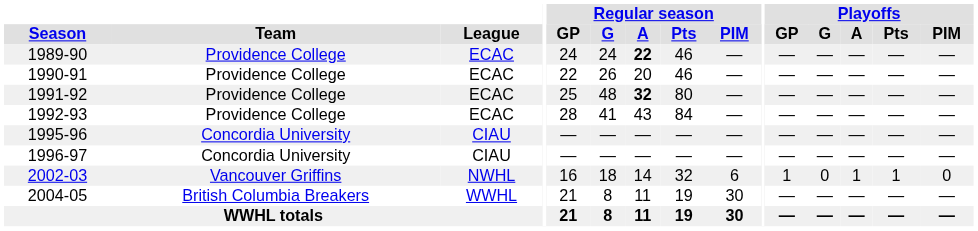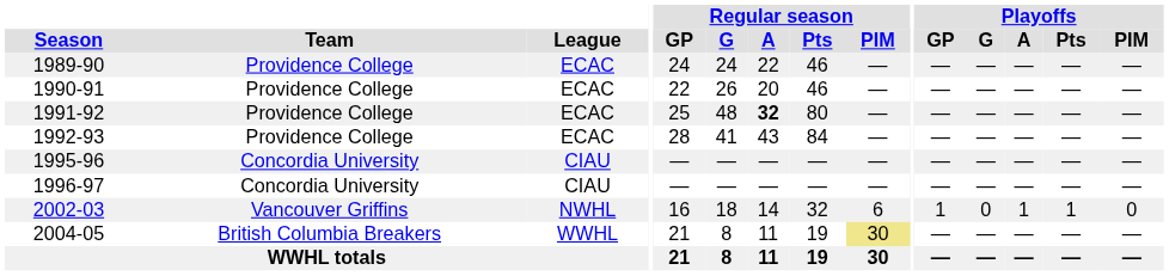 <table border="0" cellpadding="1" cellspacing="0" style="text-align:center; width:60em">
 <tr bgcolor="#e0e0e0">
 <th colspan="3" bgcolor="#ffffff"></th>
 <th rowspan="101" bgcolor="#ffffff"></th>
 <th colspan="5"><a href='#'>Regular season</a></th>
 <th rowspan="101" bgcolor="#ffffff"></th>
 <th colspan="5"><a href='#'>Playoffs</a></th>
 </tr>
 <tr bgcolor="#e0e0e0">
 <th><a href='#'>Season</a></th>
 <th>Team</th>
 <th>League</th>
 <th>GP</th>
 <th><a href='#'>G</a></th>
 <th><a href='#'>A</a></th>
 <th><a href='#'>Pts</a></th>
 <th><a href='#'>PIM</a></th>
 <th>GP</th>
 <th>G</th>
 <th>A</th>
 <th>Pts</th>
 <th>PIM</th>
 </tr>
 <tr style="background:#f0f0f0;">
 <td>1989-90</td>
 <td><a href='#'>Providence College</a></td>
 <td><a href='#'>ECAC</a></td>
 <td>24</td>
 <td>24</td>
-<td><strong>22</strong></td>
+<td>22</td>
 <td>46</td>
 <td>—</td>
 <td>—</td>
 <td>—</td>
 <td>—</td>
 <td>—</td>
 <td>—</td>
 </tr>
 <tr>
 <td>1990-91</td>
 <td>Providence College</td>
 <td>ECAC</td>
 <td>22</td>
 <td>26</td>
 <td>20</td>
 <td>46</td>
 <td>—</td>
 <td>—</td>
 <td>—</td>
 <td>—</td>
 <td>—</td>
 <td>—</td>
 </tr>
 <tr style="background:#f0f0f0;">
 <td>1991-92</td>
 <td>Providence College</td>
 <td>ECAC</td>
 <td>25</td>
 <td>48</td>
 <td><strong>32</strong></td>
 <td>80</td>
 <td>—</td>
 <td>—</td>
 <td>—</td>
 <td>—</td>
 <td>—</td>
 <td>—</td>
 </tr>
 <tr>
 <td>1992-93</td>
 <td>Providence College</td>
 <td>ECAC</td>
 <td>28</td>
 <td>41</td>
 <td>43</td>
 <td>84</td>
 <td>—</td>
 <td>—</td>
 <td>—</td>
 <td>—</td>
 <td>—</td>
 <td>—</td>
 </tr>
 <tr bgcolor="#f0f0f0">
 <td>1995-96</td>
 <td><a href='#'>Concordia University</a></td>
 <td><a href='#'>CIAU</a></td>
 <td>—</td>
 <td>—</td>
 <td>—</td>
 <td>—</td>
 <td>—</td>
 <td>—</td>
 <td>—</td>
 <td>—</td>
 <td>—</td>
 <td>—</td>
 </tr>
 <tr>
 <td>1996-97</td>
 <td>Concordia University</td>
 <td>CIAU</td>
 <td>—</td>
 <td>—</td>
 <td>—</td>
 <td>—</td>
 <td>—</td>
 <td>—</td>
 <td>—</td>
 <td>—</td>
 <td>—</td>
 <td>—</td>
 </tr>
 <tr bgcolor="#f0f0f0">
 <td><a href='#'>2002-03</a></td>
 <td><a href='#'>Vancouver Griffins</a></td>
 <td><a href='#'>NWHL</a></td>
 <td>16</td>
 <td>18</td>
 <td>14</td>
 <td>32</td>
 <td>6</td>
 <td>1</td>
 <td>0</td>
 <td>1</td>
 <td>1</td>
 <td>0</td>
 </tr>
 <tr>
 <td>2004-05</td>
 <td><a href='#'>British Columbia Breakers</a></td>
 <td><a href='#'>WWHL</a></td>
 <td>21</td>
 <td>8</td>
 <td>11</td>
 <td>19</td>
-<td>30</td>
+<td style="background: khaki;">30</td>
 <td>—</td>
 <td>—</td>
 <td>—</td>
 <td>—</td>
 <td>—</td>
 </tr>
 <tr bgcolor="#f0f0f0">
 <th colspan="3">WWHL totals</th>
 <th>21</th>
 <th>8</th>
 <th>11</th>
 <th>19</th>
 <th>30</th>
 <th>—</th>
 <th>—</th>
 <th>—</th>
 <th>—</th>
 <th>—</th>
 </tr>
 </table>
